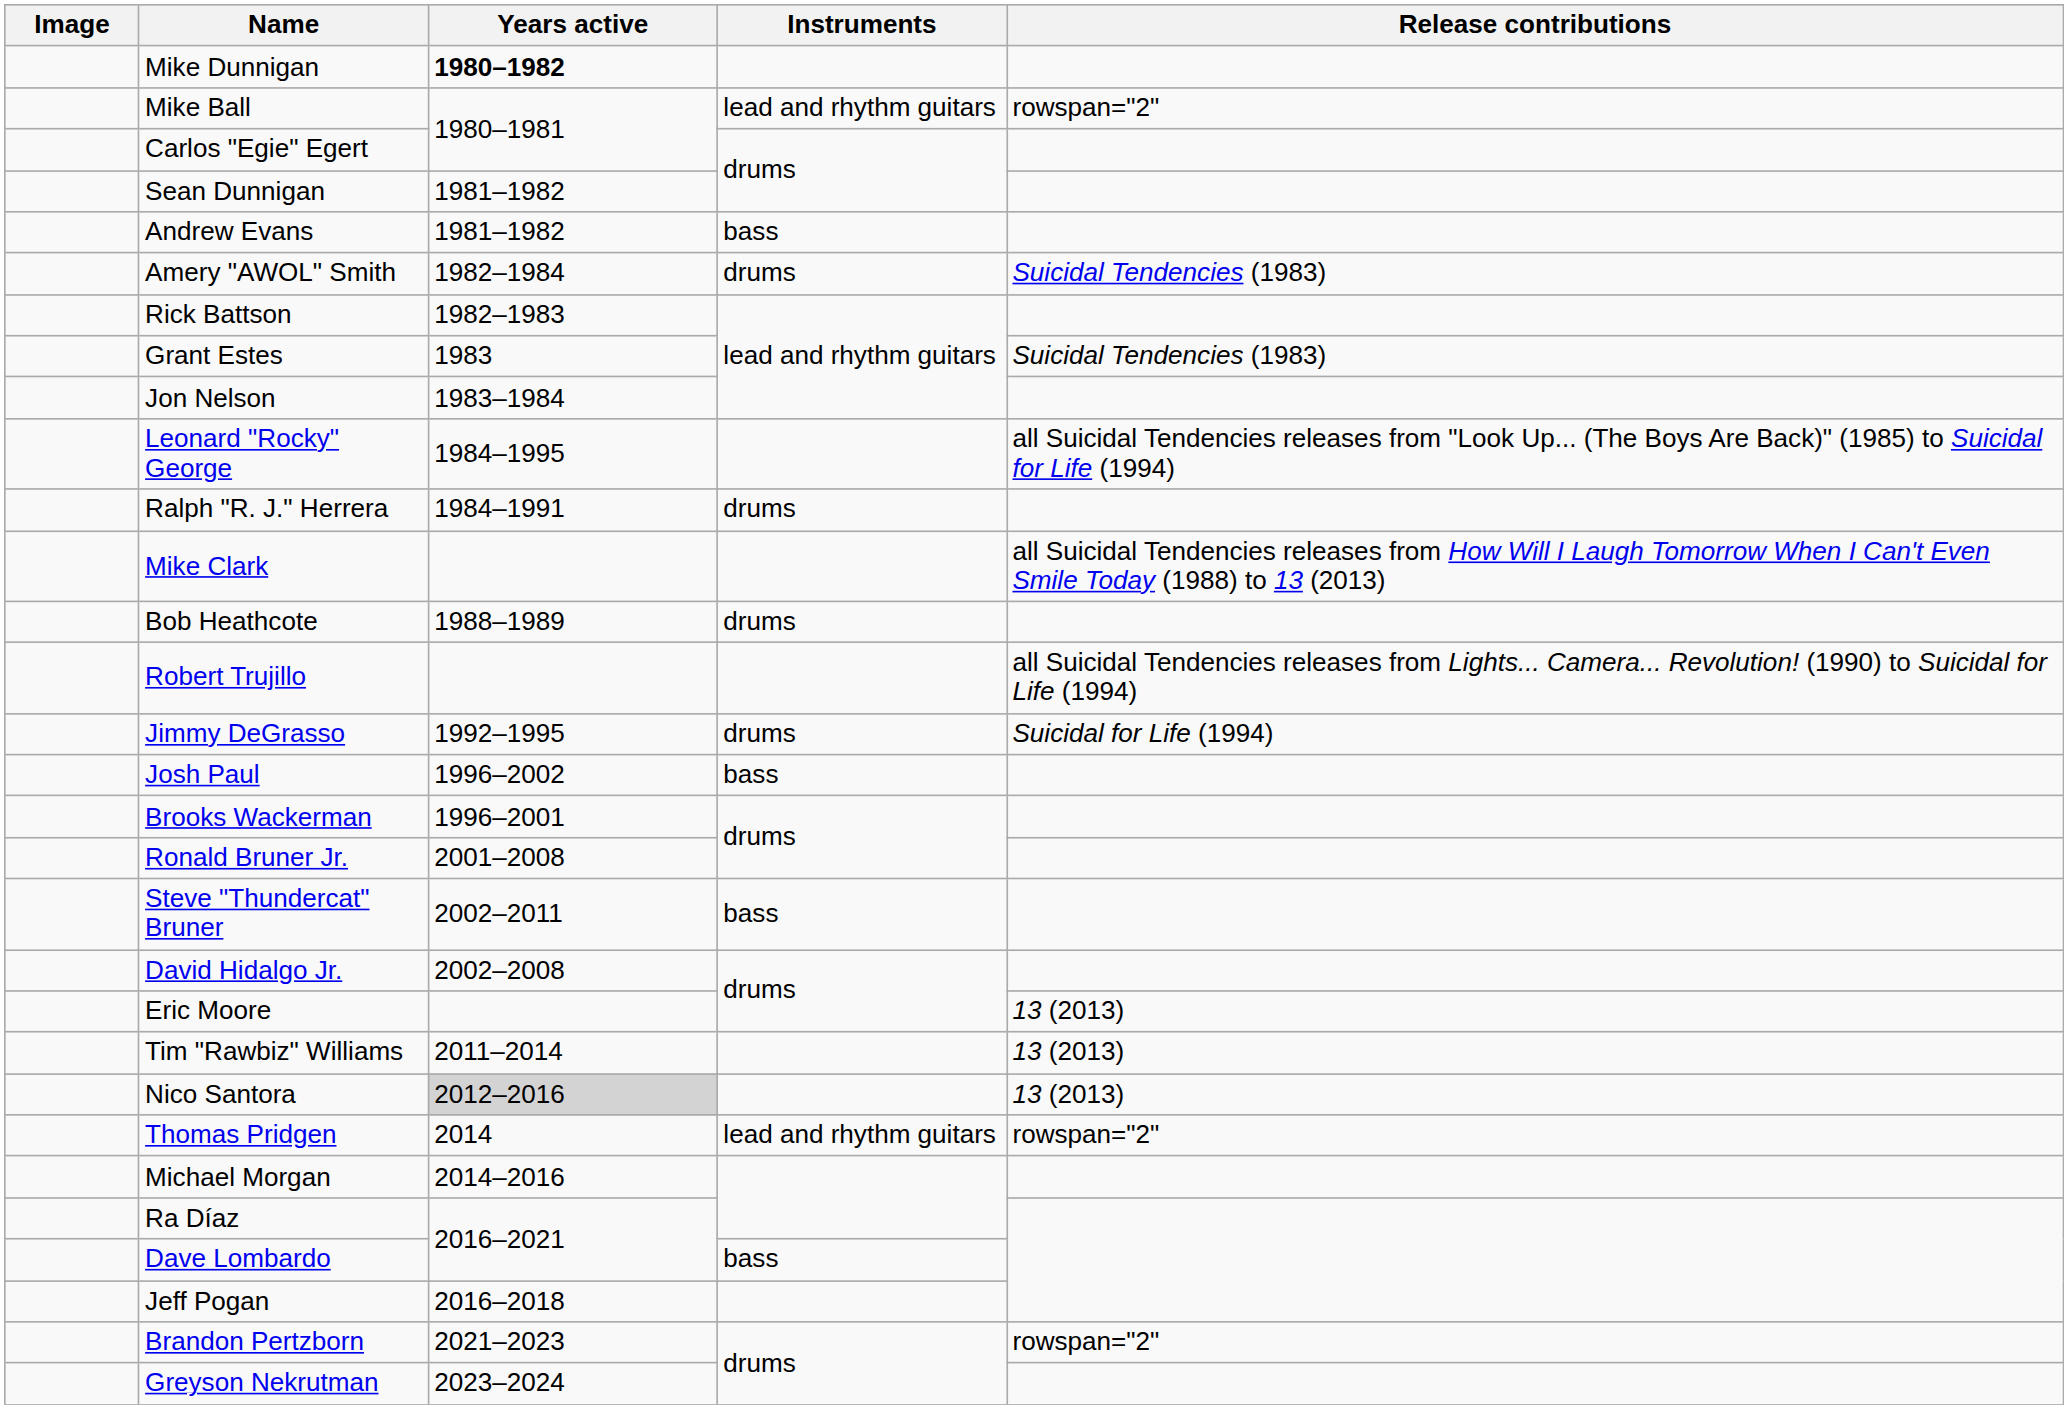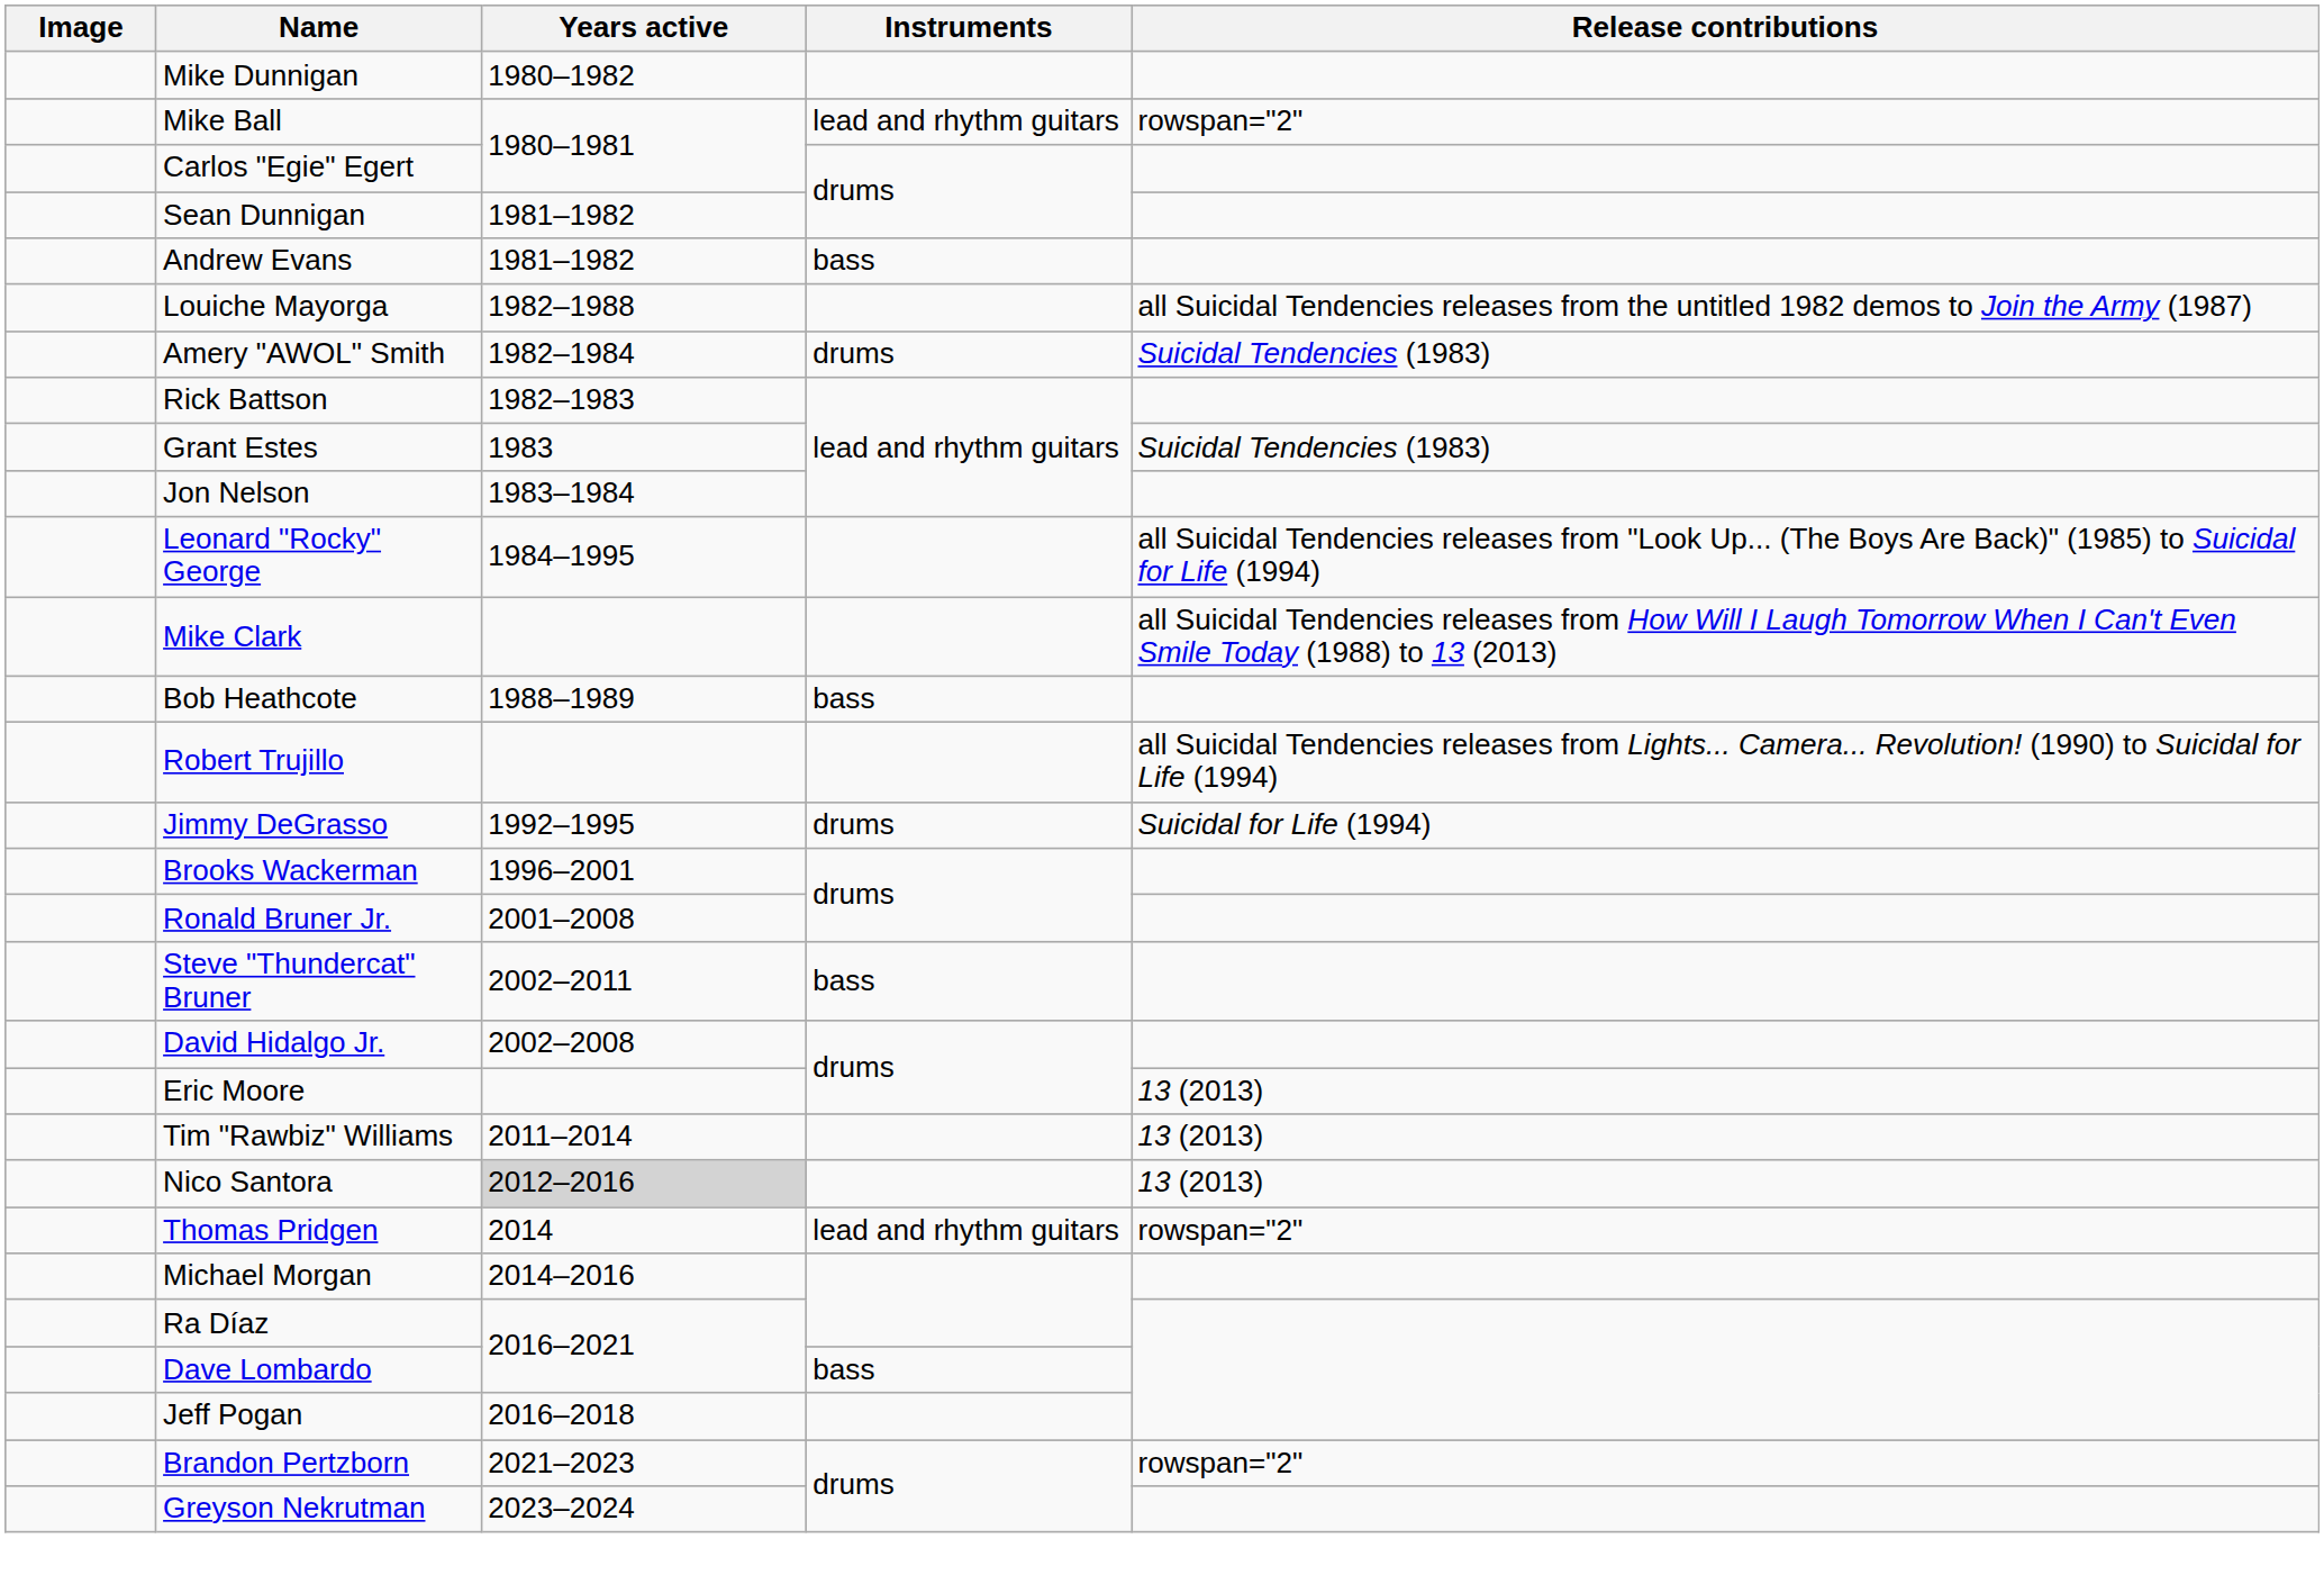 <table class="wikitable" border="1" width=100%>
 <tr>
 <th width="75">Image</th>
 <th width="170">Name</th>
 <th width="170">Years active</th>
 <th width="170">Instruments</th>
 <th>Release contributions</th>
 </tr>
 <tr>
 <td></td>
 <td>Mike Dunnigan</td>
-<td><strong>1980–1982 </strong></td>
+<td>1980–1982 </td>
 <td></td>
 <td></td>
 </tr>
 <tr>
 <td></td>
 <td>Mike Ball</td>
 <td rowspan="2">1980–1981</td>
 <td>lead and rhythm guitars</td>
 <td>rowspan="2" </td>
 </tr>
 <tr>
 <td></td>
 <td>Carlos "Egie" Egert</td>
 <td rowspan="2">drums</td>
 </tr>
 <tr>
 <td></td>
 <td>Sean Dunnigan</td>
 <td>1981–1982 </td>
 <td></td>
 </tr>
 <tr>
 <td></td>
 <td>Andrew Evans</td>
 <td>1981–1982</td>
 <td>bass</td>
 <td></td>
+</tr>
+<tr>
+<td></td>
+<td>Louiche Mayorga</td>
+<td>1982–1988</td>
+<td></td>
+<td>all Suicidal Tendencies releases from the untitled 1982 demos to <em><a href='#'>Join the Army</a></em> (1987)</td>
 </tr>
 <tr>
 <td></td>
 <td>Amery "AWOL" Smith</td>
 <td>1982–1984</td>
 <td>drums</td>
 <td><em><a href='#'>Suicidal Tendencies</a></em> (1983)</td>
 </tr>
 <tr>
 <td></td>
 <td>Rick Battson</td>
 <td>1982–1983</td>
 <td rowspan="3">lead and rhythm guitars</td>
 <td></td>
 </tr>
 <tr>
 <td></td>
 <td>Grant Estes</td>
 <td>1983</td>
 <td><em>Suicidal Tendencies</em> (1983)</td>
 </tr>
 <tr>
 <td></td>
 <td>Jon Nelson</td>
 <td>1983–1984</td>
 <td></td>
 </tr>
 <tr>
 <td></td>
 <td><a href='#'>Leonard "Rocky" George</a></td>
 <td>1984–1995</td>
 <td></td>
 <td>all Suicidal Tendencies releases from "Look Up... (The Boys Are Back)" (1985) to <em><a href='#'>Suicidal for Life</a></em> (1994)</td>
 </tr>
 <tr>
 <td></td>
-<td>Ralph "R. J." Herrera</td>
-<td>1984–1991</td>
-<td>drums</td>
-<td></td>
-</tr>
-<tr>
-<td></td>
 <td><a href='#'>Mike Clark</a></td>
 <td></td>
 <td></td>
 <td>all Suicidal Tendencies releases from <em><a href='#'>How Will I Laugh Tomorrow When I Can't Even Smile Today</a></em> (1988) to <em><a href='#'>13</a></em> (2013) </td>
 </tr>
 <tr>
 <td></td>
 <td>Bob Heathcote</td>
 <td>1988–1989 </td>
-<td>drums</td>
+<td>bass</td>
 <td></td>
 </tr>
 <tr>
 <td></td>
 <td><a href='#'>Robert Trujillo</a></td>
 <td></td>
 <td></td>
 <td>all Suicidal Tendencies releases from <em>Lights... Camera... Revolution!</em> (1990) to <em>Suicidal for Life</em> (1994)</td>
 </tr>
 <tr>
 <td></td>
 <td><a href='#'>Jimmy DeGrasso</a></td>
 <td>1992–1995</td>
 <td>drums</td>
 <td><em>Suicidal for Life</em> (1994)</td>
-</tr>
-<tr>
-<td></td>
-<td><a href='#'>Josh Paul</a></td>
-<td>1996–2002</td>
-<td>bass</td>
-<td></td>
 </tr>
 <tr>
 <td></td>
 <td><a href='#'>Brooks Wackerman</a></td>
 <td>1996–2001</td>
 <td rowspan="2">drums</td>
 <td></td>
 </tr>
 <tr>
 <td></td>
 <td><a href='#'>Ronald Bruner Jr.</a></td>
 <td>2001–2008 </td>
 <td></td>
 </tr>
 <tr>
 <td></td>
 <td><a href='#'>Steve "Thundercat" Bruner</a></td>
 <td>2002–2011</td>
 <td>bass</td>
 <td></td>
 </tr>
 <tr>
 <td></td>
 <td><a href='#'>David Hidalgo Jr.</a></td>
 <td>2002–2008 </td>
 <td rowspan="2">drums</td>
 <td></td>
 </tr>
 <tr>
 <td></td>
 <td>Eric Moore</td>
 <td></td>
 <td><em>13</em> (2013)</td>
 </tr>
 <tr>
 <td></td>
 <td>Tim "Rawbiz" Williams</td>
 <td>2011–2014 </td>
 <td></td>
 <td><em>13</em> (2013) </td>
 </tr>
 <tr>
 <td></td>
 <td>Nico Santora</td>
 <td style="background: lightgrey;">2012–2016</td>
 <td></td>
 <td><em>13</em> (2013)</td>
 </tr>
 <tr>
 <td></td>
 <td><a href='#'>Thomas Pridgen</a></td>
 <td>2014</td>
 <td>lead and rhythm guitars</td>
 <td>rowspan="2" </td>
 </tr>
 <tr>
 <td></td>
 <td>Michael Morgan</td>
 <td>2014–2016</td>
 <td rowspan="2"></td>
 </tr>
 <tr>
 <td></td>
 <td>Ra Díaz</td>
 <td rowspan="2">2016–2021</td>
 <td rowspan="3"></td>
 </tr>
 <tr>
 <td></td>
 <td><a href='#'>Dave Lombardo</a></td>
 <td>bass</td>
 </tr>
 <tr>
 <td></td>
 <td>Jeff Pogan</td>
 <td>2016–2018</td>
 <td></td>
 </tr>
 <tr>
 <td></td>
 <td><a href='#'>Brandon Pertzborn</a></td>
 <td>2021–2023</td>
 <td rowspan="2">drums</td>
 <td>rowspan="2" </td>
 </tr>
 <tr>
 <td></td>
 <td><a href='#'>Greyson Nekrutman</a></td>
 <td>2023–2024</td>
 </tr>
 </table>
